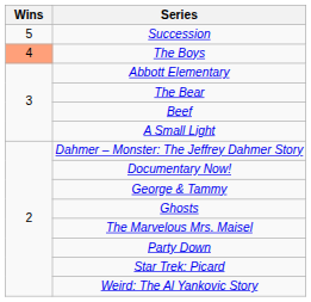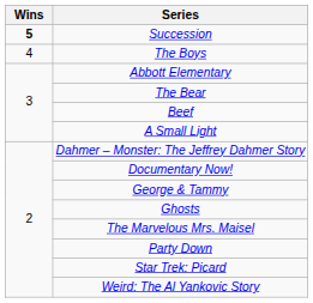 <table class="wikitable" rowspan=2 border=2 style="text-align:center;">
 <tr>
 <th scope="col" style="width:55px;">Wins</th>
 <th scope="col" style="text-align:center;">Series</th>
 </tr>
 <tr>
-<td style="text-align:center">5</td>
+<td style="text-align:center"><strong>5</strong></td>
 <td><em><a href='#'>Succession</a></em></td>
 </tr>
 <tr>
-<td style="background: lightsalmon; text-align:center">4</td>
+<td style="text-align:center">4</td>
 <td><em><a href='#'>The Boys</a></em></td>
 </tr>
 <tr>
 <td rowspan="4" style="text-align:center">3</td>
 <td><em><a href='#'>Abbott Elementary</a></em></td>
 </tr>
 <tr>
 <td><em><a href='#'>The Bear</a></em></td>
 </tr>
 <tr>
 <td><em><a href='#'>Beef</a></em></td>
 </tr>
 <tr>
 <td><em><a href='#'>A Small Light</a></em></td>
 </tr>
 <tr>
 <td rowspan="8" style="text-align:center">2</td>
 <td><em><a href='#'>Dahmer – Monster: The Jeffrey Dahmer Story</a></em></td>
 </tr>
 <tr>
 <td><em><a href='#'>Documentary Now!</a></em></td>
 </tr>
 <tr>
 <td><em><a href='#'>George & Tammy</a></em></td>
 </tr>
 <tr>
 <td><em><a href='#'>Ghosts</a></em></td>
 </tr>
 <tr>
 <td><em><a href='#'>The Marvelous Mrs. Maisel</a></em></td>
 </tr>
 <tr>
 <td><em><a href='#'>Party Down</a></em></td>
 </tr>
 <tr>
 <td><em><a href='#'>Star Trek: Picard</a></em></td>
 </tr>
 <tr>
 <td><em><a href='#'>Weird: The Al Yankovic Story</a></em></td>
 </tr>
 </table>
